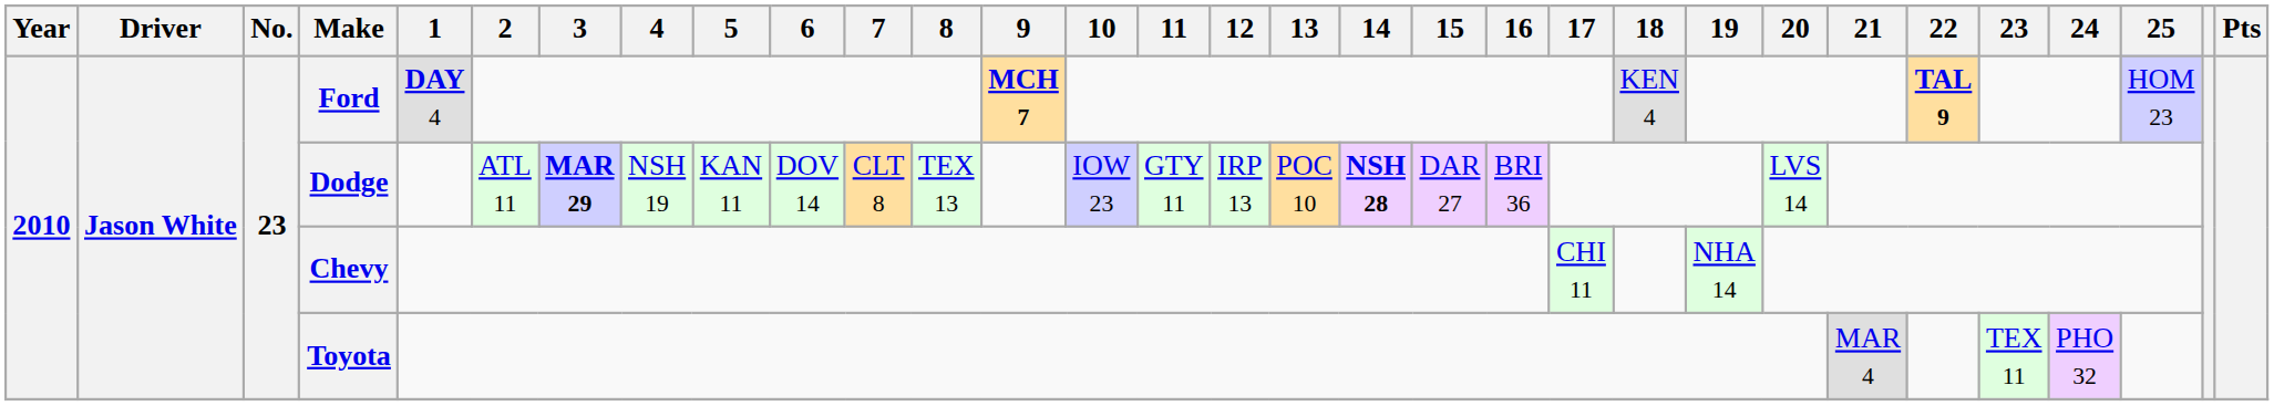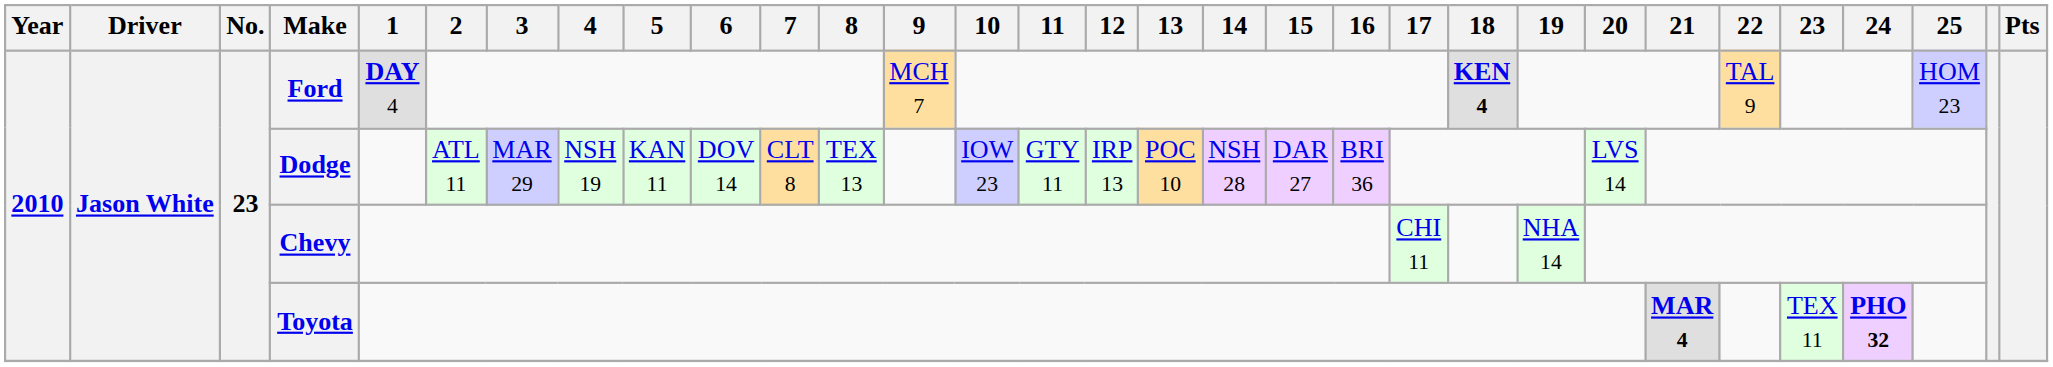 <table class="wikitable" style="text-align:center; font-size:75%">
 <tr>
 <th>Year</th>
 <th>Driver</th>
 <th>No.</th>
 <th>Make</th>
 <th>1</th>
 <th>2</th>
 <th>3</th>
 <th>4</th>
 <th>5</th>
 <th>6</th>
 <th>7</th>
 <th>8</th>
 <th>9</th>
 <th>10</th>
 <th>11</th>
 <th>12</th>
 <th>13</th>
 <th>14</th>
 <th>15</th>
 <th>16</th>
 <th>17</th>
 <th>18</th>
 <th>19</th>
 <th>20</th>
 <th>21</th>
 <th>22</th>
 <th>23</th>
 <th>24</th>
 <th>25</th>
 <th></th>
 <th>Pts</th>
 </tr>
 <tr>
 <th rowspan=4><a href='#'>2010</a></th>
 <th rowspan=4><a href='#'>Jason White</a></th>
 <th rowspan=4>23</th>
 <th><a href='#'>Ford</a></th>
 <td style="background:#DFDFDF;"><strong><a href='#'>DAY</a></strong><br><small>4</small></td>
 <td colspan=7></td>
-<td style="background:#FFDF9F;"><strong><a href='#'>MCH</a><br><small>7</small></strong></td>
+<td style="background:#FFDF9F;"><a href='#'>MCH</a><br><small>7</small></td>
 <td colspan=8></td>
-<td style="background:#DFDFDF;"><a href='#'>KEN</a><br><small>4</small></td>
+<td style="background:#DFDFDF;"><strong><a href='#'>KEN</a><br><small>4</small></strong></td>
 <td colspan=3></td>
-<td style="background:#FFDF9F;"><strong><a href='#'>TAL</a><br><small>9</small></strong></td>
+<td style="background:#FFDF9F;"><a href='#'>TAL</a><br><small>9</small></td>
 <td colspan=2></td>
 <td style="background:#CFCFFF;"><a href='#'>HOM</a><br><small>23</small></td>
 <th rowspan=4></th>
 <th rowspan=4></th>
 </tr>
 <tr>
 <th><a href='#'>Dodge</a></th>
 <td></td>
 <td style="background:#DFFFDF;"><a href='#'>ATL</a><br><small>11</small></td>
-<td style="background:#CFCFFF;"><strong><a href='#'>MAR</a><br><small>29</small></strong></td>
+<td style="background:#CFCFFF;"><a href='#'>MAR</a><br><small>29</small></td>
 <td style="background:#DFFFDF;"><a href='#'>NSH</a><br><small>19</small></td>
 <td style="background:#DFFFDF;"><a href='#'>KAN</a><br><small>11</small></td>
 <td style="background:#DFFFDF;"><a href='#'>DOV</a><br><small>14</small></td>
 <td style="background:#FFDF9F;"><a href='#'>CLT</a><br><small>8</small></td>
 <td style="background:#DFFFDF;"><a href='#'>TEX</a><br><small>13</small></td>
 <td></td>
 <td style="background:#CFCFFF;"><a href='#'>IOW</a><br><small>23</small></td>
 <td style="background:#DFFFDF;"><a href='#'>GTY</a><br><small>11</small></td>
 <td style="background:#DFFFDF;"><a href='#'>IRP</a><br><small>13</small></td>
 <td style="background:#FFDF9F;"><a href='#'>POC</a><br><small>10</small></td>
-<td style="background:#EFCFFF;"><strong><a href='#'>NSH</a><br><small>28</small></strong></td>
+<td style="background:#EFCFFF;"><a href='#'>NSH</a><br><small>28</small></td>
 <td style="background:#EFCFFF;"><a href='#'>DAR</a><br><small>27</small></td>
 <td style="background:#EFCFFF;"><a href='#'>BRI</a><br><small>36</small></td>
 <td colspan=3></td>
 <td style="background:#DFFFDF;"><a href='#'>LVS</a><br><small>14</small></td>
 <td colspan=5></td>
 </tr>
 <tr>
 <th><a href='#'>Chevy</a></th>
 <td colspan=16></td>
 <td style="background:#DFFFDF;"><a href='#'>CHI</a><br><small>11</small></td>
 <td></td>
 <td style="background:#DFFFDF;"><a href='#'>NHA</a><br><small>14</small></td>
 <td colspan=6></td>
 </tr>
 <tr>
 <th><a href='#'>Toyota</a></th>
 <td colspan=20></td>
-<td style="background:#DFDFDF;"><a href='#'>MAR</a><br><small>4</small></td>
+<td style="background:#DFDFDF;"><strong><a href='#'>MAR</a><br><small>4</small></strong></td>
 <td></td>
 <td style="background:#DFFFDF;"><a href='#'>TEX</a><br><small>11</small></td>
-<td style="background:#EFCFFF;"><a href='#'>PHO</a><br><small>32</small></td>
+<td style="background:#EFCFFF;"><strong><a href='#'>PHO</a><br><small>32</small></strong></td>
 <td></td>
 </tr>
 <tr>
 </tr>
 </table>
